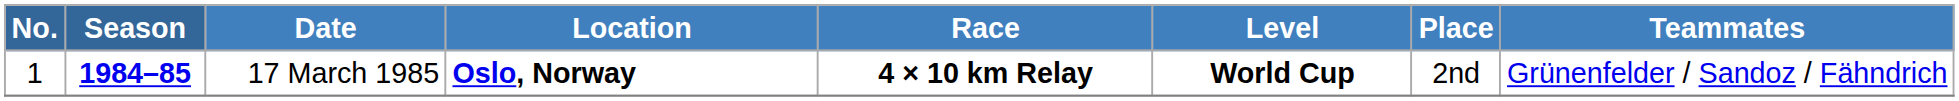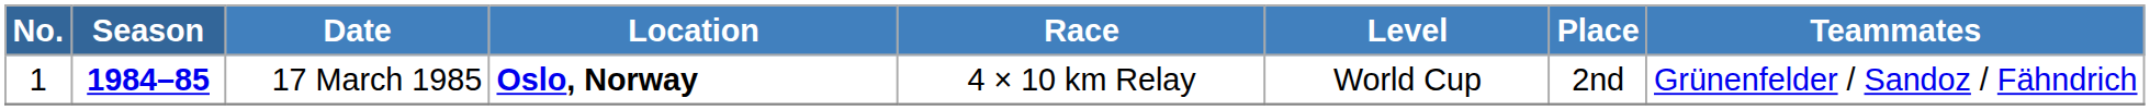 <table class="wikitable sortable" style="font-size:95%; text-align:center; border:grey solid 1px; border-collapse:collapse; background:#ffffff;">
 <tr style="background:#efefef;">
 <th style="background-color:#369; color:white;">No.</th>
 <th style="background-color:#369; color:white;">Season</th>
 <th style="background-color:#4180be; color:white; width:120px;">Date</th>
 <th style="background-color:#4180be; color:white; width:190px;">Location</th>
 <th style="background-color:#4180be; color:white; width:170px;">Race</th>
 <th style="background-color:#4180be; color:white; width:130px;">Level</th>
 <th style="background-color:#4180be; color:white;">Place</th>
 <th style="background-color:#4180be; color:white;">Teammates</th>
 </tr>
 <tr>
 <td align=center>1</td>
 <td rowspan=1 align=center><strong> <a href='#'>1984–85</a> </strong></td>
 <td align=right>17 March 1985</td>
 <td align=left><strong> <a href='#'>Oslo</a>, Norway</strong></td>
-<td><strong>4 × 10 km Relay</strong></td>
-<td><strong>World Cup</strong></td>
+<td>4 × 10 km Relay</td>
+<td>World Cup</td>
 <td>2nd</td>
 <td><a href='#'>Grünenfelder</a> / <a href='#'>Sandoz</a> / <a href='#'>Fähndrich</a></td>
 </tr>
 <tr>
 </tr>
 </table>
